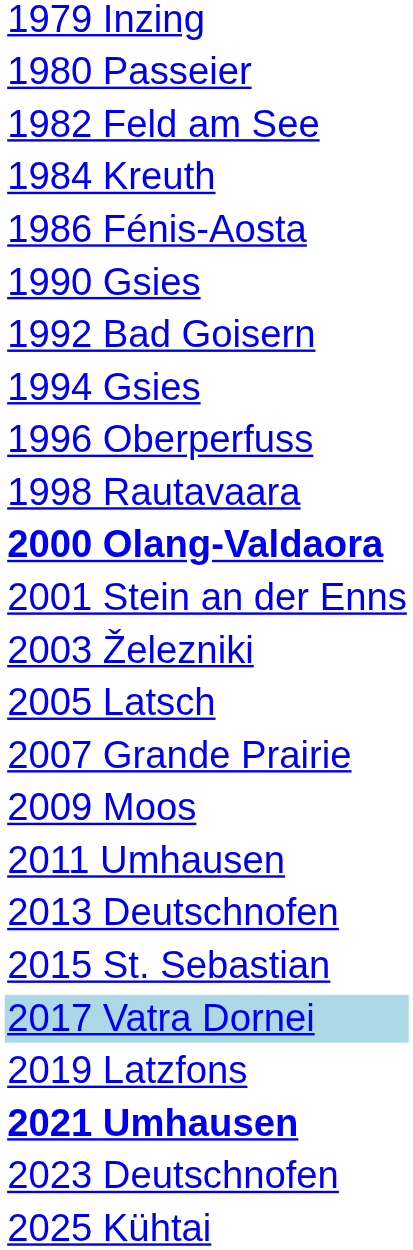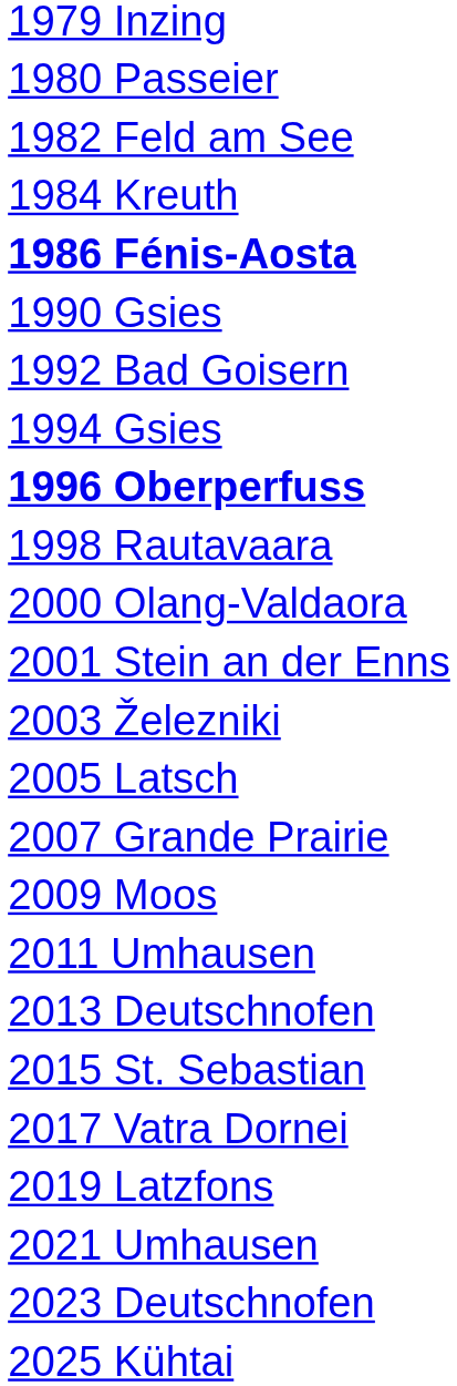 <table>
 <tr>
 <td><a href='#'>1979 Inzing</a></td>
 <td></td>
 <td></td>
 <td></td>
 </tr>
 <tr>
 <td><a href='#'>1980 Passeier</a></td>
 <td></td>
 <td></td>
 <td></td>
 </tr>
 <tr>
 <td><a href='#'>1982 Feld am See</a></td>
 <td></td>
 <td></td>
 <td></td>
 </tr>
 <tr>
 <td><a href='#'>1984 Kreuth</a></td>
 <td></td>
 <td></td>
 <td></td>
 </tr>
 <tr>
-<td><a href='#'>1986 Fénis-Aosta</a></td>
+<td><strong><a href='#'>1986 Fénis-Aosta</a></strong></td>
 <td></td>
 <td></td>
 <td></td>
 </tr>
 <tr>
 <td><a href='#'>1990 Gsies</a></td>
 <td></td>
 <td></td>
 <td></td>
 </tr>
 <tr>
 <td><a href='#'>1992 Bad Goisern</a></td>
 <td></td>
 <td></td>
 <td></td>
 </tr>
 <tr>
 <td><a href='#'>1994 Gsies</a></td>
 <td></td>
 <td></td>
 <td></td>
 </tr>
 <tr>
-<td><a href='#'>1996 Oberperfuss</a></td>
+<td><strong><a href='#'>1996 Oberperfuss</a></strong></td>
 <td></td>
 <td></td>
 <td></td>
 </tr>
 <tr>
 <td><a href='#'>1998 Rautavaara</a></td>
 <td></td>
 <td></td>
 <td></td>
 </tr>
 <tr>
-<td><strong><a href='#'>2000 Olang-Valdaora</a></strong></td>
+<td><a href='#'>2000 Olang-Valdaora</a></td>
 <td></td>
 <td></td>
 <td></td>
 </tr>
 <tr>
 <td><a href='#'>2001 Stein an der Enns</a></td>
 <td></td>
 <td></td>
 <td></td>
 </tr>
 <tr>
 <td><a href='#'>2003 Železniki</a></td>
 <td></td>
 <td></td>
 <td></td>
 </tr>
 <tr>
 <td><a href='#'>2005 Latsch</a></td>
 <td></td>
 <td></td>
 <td></td>
 </tr>
 <tr>
 <td><a href='#'>2007 Grande Prairie</a></td>
 <td></td>
 <td></td>
 <td></td>
 </tr>
 <tr>
 <td><a href='#'>2009 Moos</a></td>
 <td></td>
 <td></td>
 <td></td>
 </tr>
 <tr>
 <td><a href='#'>2011 Umhausen</a></td>
 <td></td>
 <td></td>
 <td></td>
 </tr>
 <tr>
 <td><a href='#'>2013 Deutschnofen</a></td>
 <td></td>
 <td></td>
 <td></td>
 </tr>
 <tr>
 <td><a href='#'>2015 St. Sebastian</a></td>
 <td></td>
 <td></td>
 <td></td>
 </tr>
 <tr>
-<td style="background: lightblue;"><a href='#'>2017 Vatra Dornei</a></td>
+<td><a href='#'>2017 Vatra Dornei</a></td>
 <td></td>
 <td></td>
 <td></td>
 </tr>
 <tr>
 <td><a href='#'>2019 Latzfons</a></td>
 <td></td>
 <td></td>
 <td></td>
 </tr>
 <tr>
-<td><strong><a href='#'>2021 Umhausen</a></strong></td>
+<td><a href='#'>2021 Umhausen</a></td>
 <td></td>
 <td></td>
 <td></td>
 </tr>
 <tr>
 <td><a href='#'>2023 Deutschnofen</a></td>
 <td></td>
 <td></td>
 <td></td>
 </tr>
 <tr>
 <td><a href='#'>2025 Kühtai</a></td>
 <td></td>
 <td></td>
 <td></td>
 </tr>
 </table>
